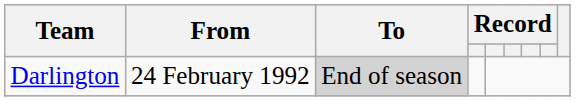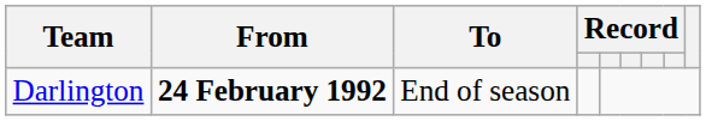 <table class=wikitable style="text-align:center">
 <tr>
 <th rowspan=2>Team</th>
 <th rowspan=2>From</th>
 <th rowspan=2>To</th>
 <th colspan=5>Record</th>
 <th rowspan=2></th>
 </tr>
 <tr>
 <th></th>
 <th></th>
 <th></th>
 <th></th>
 <th></th>
 </tr>
 <tr>
 <td align=left><a href='#'>Darlington</a></td>
-<td align=left>24 February 1992</td>
-<td align=left style="background: lightgrey;">End of season<br></td>
+<td align=left><strong>24 February 1992</strong></td>
+<td align=left>End of season<br></td>
 <td></td>
 </tr>
 </table>
